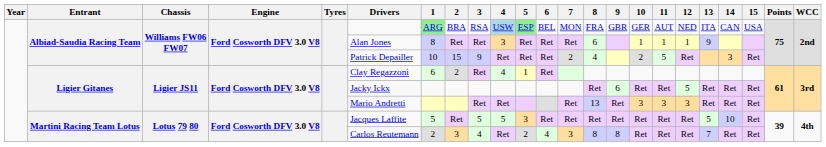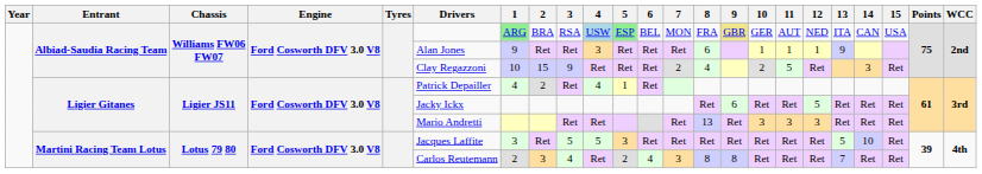 <table class="wikitable" style="text-align:center; font-size:85%">
 <tr>
 <th>Year</th>
 <th>Entrant</th>
 <th>Chassis</th>
 <th>Engine</th>
 <th>Tyres</th>
 <th>Drivers</th>
 <th>1</th>
 <th>2</th>
 <th>3</th>
 <th>4</th>
 <th>5</th>
 <th>6</th>
 <th>7</th>
 <th>8</th>
 <th>9</th>
 <th>10</th>
 <th>11</th>
 <th>12</th>
 <th>13</th>
 <th>14</th>
 <th>15</th>
 <th>Points</th>
 <th>WCC</th>
 </tr>
 <tr>
 <td rowspan="8"></td>
 <th rowspan="3"><a href='#'>Albiad-Saudia Racing Team</a></th>
 <th rowspan="3"><a href='#'>Williams</a> <a href='#'>FW06</a><br><a href='#'>FW07</a></th>
 <th rowspan="3"><a href='#'>Ford</a> <a href='#'>Cosworth DFV</a> 3.0 <a href='#'>V8</a></th>
 <th rowspan="3"></th>
 <td></td>
 <td style="background: lightgreen;"><a href='#'>ARG</a></td>
 <td><a href='#'>BRA</a></td>
 <td><a href='#'>RSA</a></td>
 <td style="background: lightblue;"><a href='#'>USW</a></td>
 <td style="background: lightgreen;"><a href='#'>ESP</a></td>
 <td><a href='#'>BEL</a></td>
 <td><a href='#'>MON</a></td>
 <td><a href='#'>FRA</a></td>
-<td><a href='#'>GBR</a></td>
+<td style="background: khaki;"><a href='#'>GBR</a></td>
 <td><a href='#'>GER</a></td>
 <td><a href='#'>AUT</a></td>
 <td><a href='#'>NED</a></td>
 <td><a href='#'>ITA</a></td>
 <td><a href='#'>CAN</a></td>
 <td><a href='#'>USA</a></td>
 <td rowspan="3" style="background:#dfdfdf;"><strong>75</strong></td>
 <td rowspan="3" style="background:#dfdfdf;"><strong>2nd</strong></td>
 </tr>
 <tr>
 <td align="left"><a href='#'>Alan Jones</a></td>
-<td style="background:#CFCFFF;">8</td>
+<td style="background:#CFCFFF;">9</td>
 <td style="background:#efcfff;">Ret</td>
 <td style="background:#efcfff;">Ret</td>
 <td style="background:#ffdf9f;">3</td>
 <td style="background:#efcfff;">Ret</td>
 <td style="background:#efcfff;">Ret</td>
 <td style="background:#efcfff;">Ret</td>
 <td style="background:#dfffdf;">6</td>
 <td style="background:#efcfff;"></td>
 <td style="background:#ffffbf;">1</td>
 <td style="background:#ffffbf;">1</td>
 <td style="background:#ffffbf;">1</td>
 <td style="background:#CFCFFF;">9</td>
 <td style="background:#ffffbf;"></td>
 <td style="background:#efcfff;"></td>
 </tr>
 <tr>
-<td align="left"><a href='#'>Patrick Depailler</a></td>
+<td align="left"><a href='#'>Clay Regazzoni</a></td>
 <td style="background:#cfcfff;">10</td>
 <td style="background:#cfcfff;">15</td>
 <td style="background:#cfcfff;">9</td>
 <td style="background:#efcfff;">Ret</td>
 <td style="background:#efcfff;">Ret</td>
 <td style="background:#efcfff;">Ret</td>
 <td style="background:#dfdfdf;">2</td>
 <td style="background:#dfffdf;">4</td>
 <td style="background:#ffffbf;"></td>
 <td style="background:#dfdfdf;">2</td>
 <td style="background:#dfffdf;">5</td>
 <td style="background:#efcfff;">Ret</td>
 <td style="background:#ffdf9f;"></td>
 <td style="background:#ffdf9f;">3</td>
 <td style="background:#efcfff;">Ret</td>
 </tr>
 <tr>
 <th rowspan=3><a href='#'>Ligier Gitanes</a></th>
 <th rowspan=3><a href='#'>Ligier JS11</a></th>
 <th rowspan=3><a href='#'>Ford</a> <a href='#'>Cosworth DFV</a> 3.0 <a href='#'>V8</a></th>
 <th rowspan=3></th>
-<td align="left"><a href='#'>Clay Regazzoni</a></td>
-<td style="background:#dfffdf;">6</td>
+<td align="left"><a href='#'>Patrick Depailler</a></td>
+<td style="background:#dfffdf;">4</td>
 <td style="background:#dfdfdf;">2</td>
 <td style="background:#efcfff;">Ret</td>
 <td style="background:#dfffdf;">4</td>
 <td style="background:#ffffbf;">1</td>
 <td style="background:#efcfff;">Ret</td>
 <td style="background:#dfffdf;"></td>
 <td></td>
 <td></td>
 <td></td>
 <td></td>
 <td></td>
 <td></td>
 <td></td>
 <td></td>
 <th rowspan="3" style="background:#ffdf9f;"><strong>61</strong></th>
 <th rowspan="3" style="background:#ffdf9f;"><strong>3rd</strong></th>
 </tr>
 <tr>
 <td align="left"><a href='#'>Jacky Ickx</a></td>
 <td></td>
 <td></td>
 <td></td>
 <td></td>
 <td></td>
 <td></td>
 <td></td>
 <td style="background:#efcfff;">Ret</td>
 <td style="background:#dfffdf;">6</td>
 <td style="background:#efcfff;">Ret</td>
 <td style="background:#efcfff;">Ret</td>
 <td style="background:#dfffdf;">5</td>
 <td style="background:#efcfff;">Ret</td>
 <td style="background:#efcfff;">Ret</td>
 <td style="background:#efcfff;">Ret</td>
 </tr>
 <tr>
 <td align="left"><a href='#'>Mario Andretti</a></td>
 <td style="background:#ffffbf;"></td>
 <td style="background:#ffffbf;"></td>
 <td style="background:#efcfff;">Ret</td>
 <td style="background:#efcfff;">Ret</td>
 <td style="background:#efcfff;"></td>
 <td style="background:#dfdfdf;"></td>
 <td style="background:#efcfff;">Ret</td>
 <td style="background:#CFCFFF;">13</td>
 <td style="background:#efcfff;">Ret</td>
 <td style="background:#ffdf9f;">3</td>
 <td style="background:#ffdf9f;">3</td>
 <td style="background:#ffdf9f;">3</td>
 <td style="background:#efcfff;">Ret</td>
 <td style="background:#efcfff;">Ret</td>
 <td style="background:#efcfff;">Ret</td>
 </tr>
 <tr>
 <th rowspan="2"><a href='#'>Martini Racing Team Lotus</a></th>
 <th rowspan="2"><a href='#'>Lotus</a> <a href='#'>79</a> <a href='#'>80</a></th>
 <th rowspan="2"><a href='#'>Ford</a> <a href='#'>Cosworth DFV</a> 3.0 <a href='#'>V8</a></th>
 <th rowspan="2"></th>
 <td align="left"><a href='#'>Jacques Laffite</a></td>
-<td style="background:#dfffdf;">5</td>
+<td style="background:#dfffdf;">3</td>
 <td style="background:#efcfff;">Ret</td>
 <td style="background:#dfffdf;">5</td>
 <td style="background:#dfffdf;">5</td>
 <td style="background:#ffdf9f;">3</td>
 <td style="background:#efcfff;">Ret</td>
 <td style="background:#efcfff;">Ret</td>
 <td style="background:#efcfff;">Ret</td>
 <td style="background:#efcfff;">Ret</td>
 <td style="background:#efcfff;">Ret</td>
 <td style="background:#efcfff;">Ret</td>
 <td style="background:#efcfff;">Ret</td>
 <td style="background:#dfffdf;">5</td>
 <td style="background:#CFCFFF;">10</td>
 <td style="background:#efcfff;">Ret</td>
 <td rowspan="2"><strong>39</strong></td>
 <td rowspan="2"><strong>4th</strong></td>
 </tr>
 <tr>
 <td><a href='#'>Carlos Reutemann</a></td>
 <td style="background:#dfdfdf;">2</td>
 <td style="background:#ffdf9f;">3</td>
 <td style="background:#dfffdf;">4</td>
 <td style="background:#efcfff;">Ret</td>
 <td style="background:#dfdfdf;">2</td>
 <td style="background:#dfffdf;">4</td>
 <td style="background:#ffdf9f;">3</td>
 <td style="background:#cfcfff;">8</td>
 <td style="background:#CFCFFF;">8</td>
 <td style="background:#efcfff;">Ret</td>
 <td style="background:#efcfff;">Ret</td>
 <td style="background:#efcfff;">Ret</td>
 <td style="background:#CFCFFF;">7</td>
 <td style="background:#efcfff;">Ret</td>
 <td style="background:#efcfff;">Ret</td>
 </tr>
 </table>
